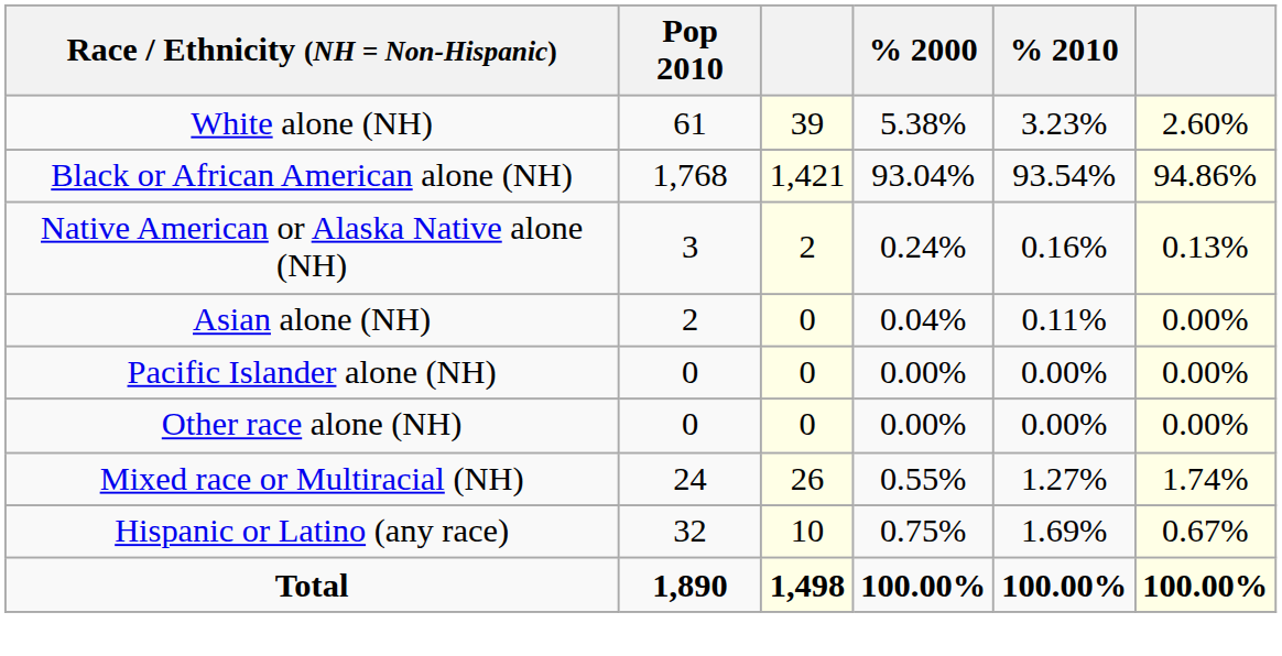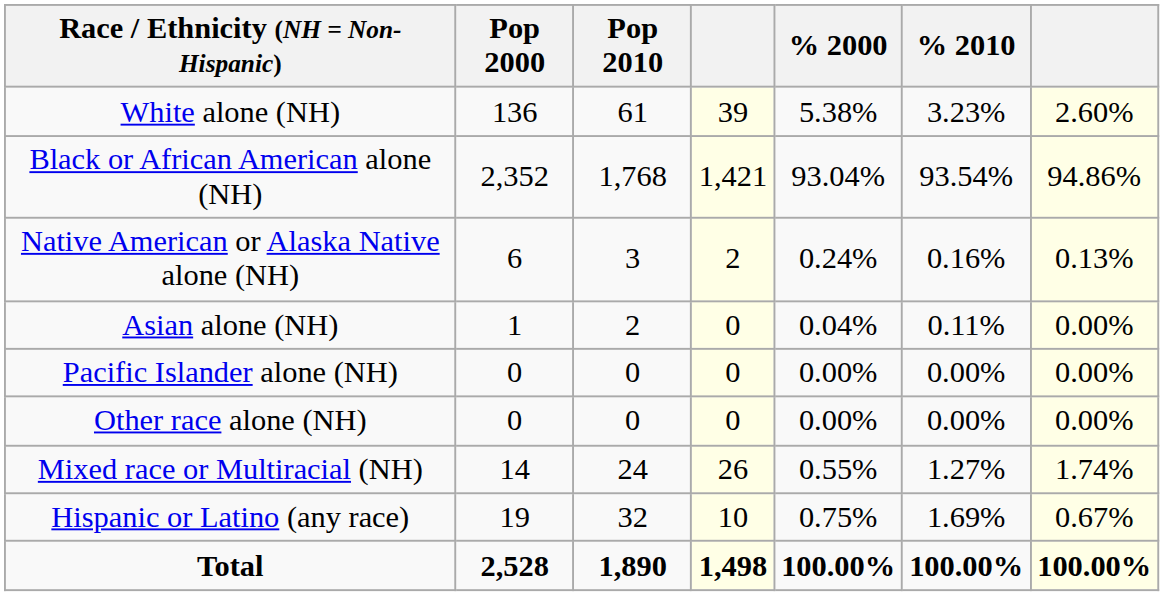 <table class="wikitable" style="text-align:center;">
 <tr>
 <th>Race / Ethnicity <small>(<em>NH = Non-Hispanic</em>)</small></th>
+<th>Pop 2000</th>
 <th>Pop 2010</th>
 <th></th>
 <th>% 2000</th>
 <th>% 2010</th>
 <th></th>
 </tr>
 <tr>
 <td><a href='#'>White</a> alone (NH)</td>
+<td>136</td>
 <td>61</td>
 <td style='background: #ffffe6;'>39</td>
 <td>5.38%</td>
 <td>3.23%</td>
 <td style='background: #ffffe6;'>2.60%</td>
 </tr>
 <tr>
 <td><a href='#'>Black or African American</a> alone (NH)</td>
+<td>2,352</td>
 <td>1,768</td>
 <td style='background: #ffffe6;'>1,421</td>
 <td>93.04%</td>
 <td>93.54%</td>
 <td style='background: #ffffe6;'>94.86%</td>
 </tr>
 <tr>
 <td><a href='#'>Native American</a> or <a href='#'>Alaska Native</a> alone (NH)</td>
+<td>6</td>
 <td>3</td>
 <td style='background: #ffffe6;'>2</td>
 <td>0.24%</td>
 <td>0.16%</td>
 <td style='background: #ffffe6;'>0.13%</td>
 </tr>
 <tr>
 <td><a href='#'>Asian</a> alone (NH)</td>
+<td>1</td>
 <td>2</td>
 <td style='background: #ffffe6;'>0</td>
 <td>0.04%</td>
 <td>0.11%</td>
 <td style='background: #ffffe6;'>0.00%</td>
 </tr>
 <tr>
 <td><a href='#'>Pacific Islander</a> alone (NH)</td>
 <td>0</td>
+<td>0</td>
 <td style='background: #ffffe6;'>0</td>
 <td>0.00%</td>
 <td>0.00%</td>
 <td style='background: #ffffe6;'>0.00%</td>
 </tr>
 <tr>
 <td><a href='#'>Other race</a> alone (NH)</td>
 <td>0</td>
+<td>0</td>
 <td style='background: #ffffe6;'>0</td>
 <td>0.00%</td>
 <td>0.00%</td>
 <td style='background: #ffffe6;'>0.00%</td>
 </tr>
 <tr>
 <td><a href='#'>Mixed race or Multiracial</a> (NH)</td>
+<td>14</td>
 <td>24</td>
 <td style='background: #ffffe6;'>26</td>
 <td>0.55%</td>
 <td>1.27%</td>
 <td style='background: #ffffe6;'>1.74%</td>
 </tr>
 <tr>
 <td><a href='#'>Hispanic or Latino</a> (any race)</td>
+<td>19</td>
 <td>32</td>
 <td style='background: #ffffe6;'>10</td>
 <td>0.75%</td>
 <td>1.69%</td>
 <td style='background: #ffffe6;'>0.67%</td>
 </tr>
 <tr>
 <td><strong>Total</strong></td>
+<td><strong>2,528</strong></td>
 <td><strong>1,890</strong></td>
 <td style='background: #ffffe6;'><strong>1,498</strong></td>
 <td><strong>100.00%</strong></td>
 <td><strong>100.00%</strong></td>
 <td style='background: #ffffe6;'><strong>100.00%</strong></td>
 </tr>
 </table>
